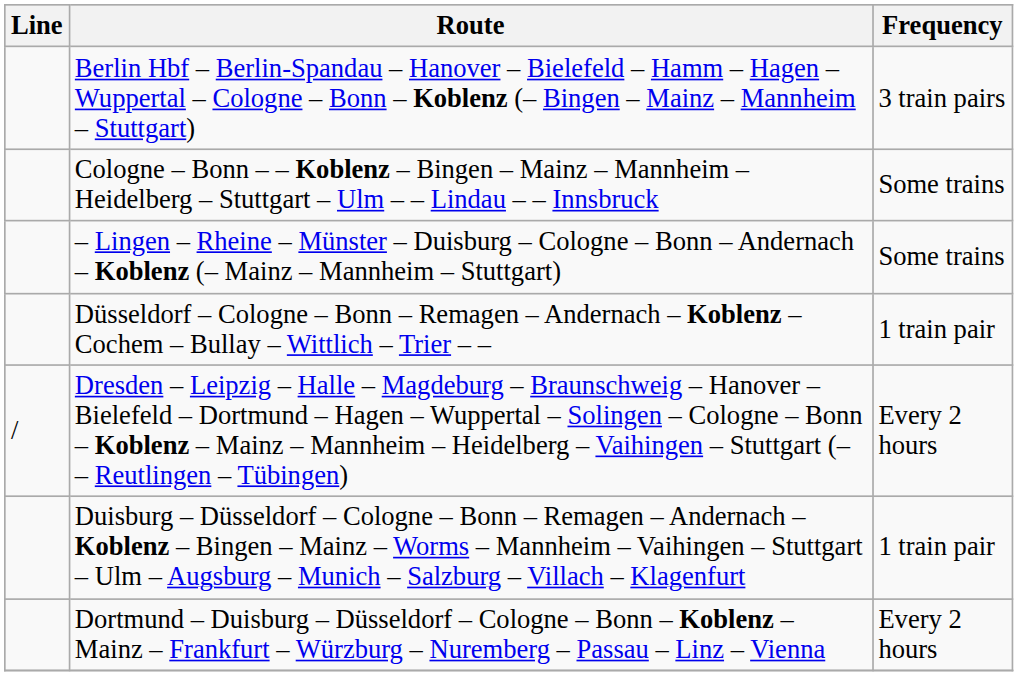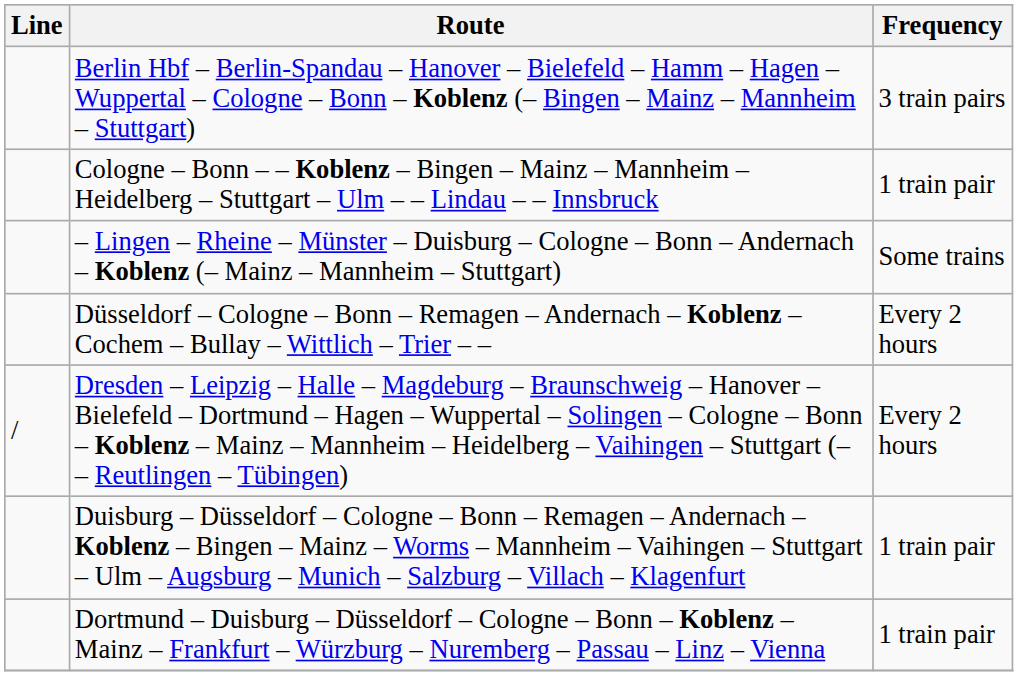 <table class="wikitable">
 <tr class="hintergrundfarbe6">
 <th>Line</th>
 <th>Route</th>
 <th>Frequency</th>
 </tr>
 <tr>
 <td></td>
 <td> <a href='#'>Berlin Hbf</a> – <a href='#'>Berlin-Spandau</a> – <a href='#'>Hanover</a> – <a href='#'>Bielefeld</a> – <a href='#'>Hamm</a> – <a href='#'>Hagen</a> – <a href='#'>Wuppertal</a> – <a href='#'>Cologne</a> – <a href='#'>Bonn</a> – <strong>Koblenz</strong> (– <a href='#'>Bingen</a> – <a href='#'>Mainz</a> – <a href='#'>Mannheim</a>  – <a href='#'>Stuttgart</a>)</td>
 <td>3 train pairs</td>
 </tr>
 <tr>
 <td></td>
 <td>Cologne – Bonn –  – <strong>Koblenz</strong> – Bingen – Mainz – Mannheim – Heidelberg –  Stuttgart – <a href='#'>Ulm</a> –  – <a href='#'>Lindau</a> –  –  <a href='#'>Innsbruck</a></td>
-<td>Some trains</td>
+<td>1 train pair</td>
 </tr>
 <tr>
 <td></td>
 <td> – <a href='#'>Lingen</a> – <a href='#'>Rheine</a> – <a href='#'>Münster</a> – Duisburg – Cologne – Bonn – Andernach – <strong>Koblenz</strong> (– Mainz – Mannheim – Stuttgart)</td>
 <td>Some trains</td>
 </tr>
 <tr>
 <td></td>
 <td>Düsseldorf – Cologne – Bonn – Remagen – Andernach – <strong>Koblenz</strong> – Cochem – Bullay – <a href='#'>Wittlich</a> – <a href='#'>Trier</a> –  – </td>
-<td>1 train pair</td>
+<td>Every 2 hours</td>
 </tr>
 <tr>
 <td>/<br></td>
 <td><a href='#'>Dresden</a> –  <a href='#'>Leipzig</a> – <a href='#'>Halle</a> – <a href='#'>Magdeburg</a> – <a href='#'>Braunschweig</a> – Hanover – Bielefeld – Dortmund – Hagen – Wuppertal – <a href='#'>Solingen</a> – Cologne – Bonn – <strong>Koblenz</strong> – Mainz – Mannheim – Heidelberg – <a href='#'>Vaihingen</a> – Stuttgart (–  – <a href='#'>Reutlingen</a> – <a href='#'>Tübingen</a>)</td>
 <td>Every 2 hours</td>
 </tr>
 <tr>
 <td></td>
 <td>Duisburg – Düsseldorf – Cologne – Bonn – Remagen – Andernach – <strong>Koblenz</strong> – Bingen – Mainz – <a href='#'>Worms</a> – Mannheim – Vaihingen – Stuttgart – Ulm – <a href='#'>Augsburg</a> – <a href='#'>Munich</a> – <a href='#'>Salzburg</a> – <a href='#'>Villach</a> – <a href='#'>Klagenfurt</a></td>
 <td>1 train pair</td>
 </tr>
 <tr>
 <td></td>
 <td>Dortmund – Duisburg – Düsseldorf – Cologne – Bonn – <strong>Koblenz</strong> – Mainz – <a href='#'>Frankfurt</a> – <a href='#'>Würzburg</a> – <a href='#'>Nuremberg</a> – <a href='#'>Passau</a> – <a href='#'>Linz</a> – <a href='#'>Vienna</a></td>
-<td>Every 2 hours</td>
+<td>1 train pair</td>
 </tr>
 <tr>
 </tr>
 </table>
